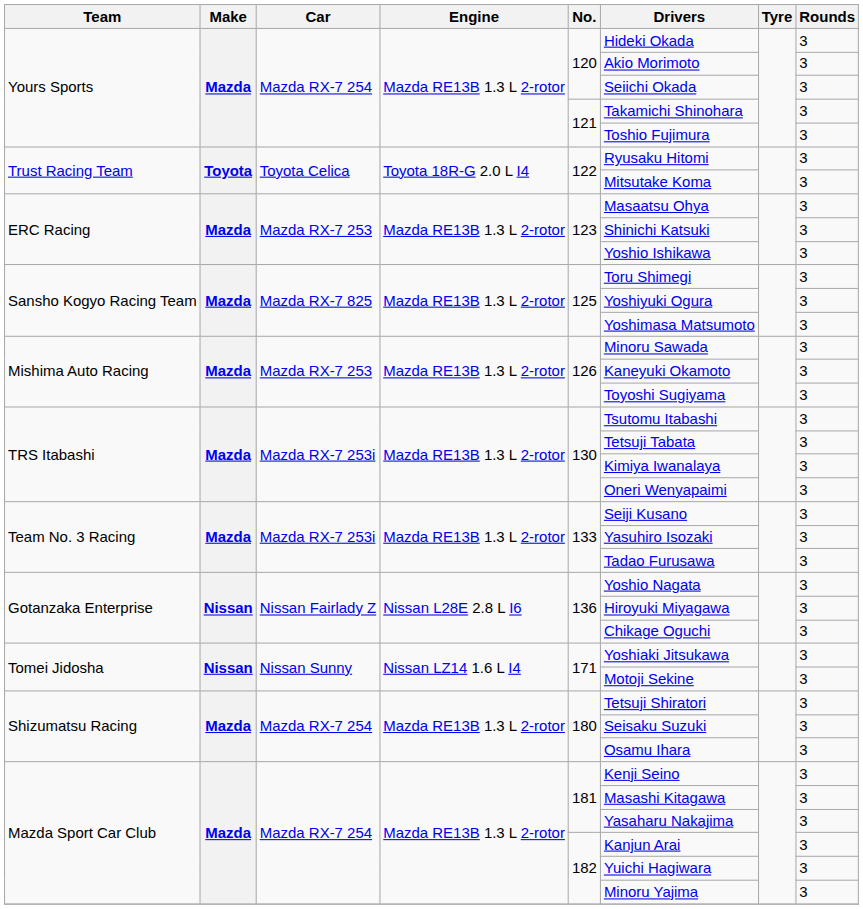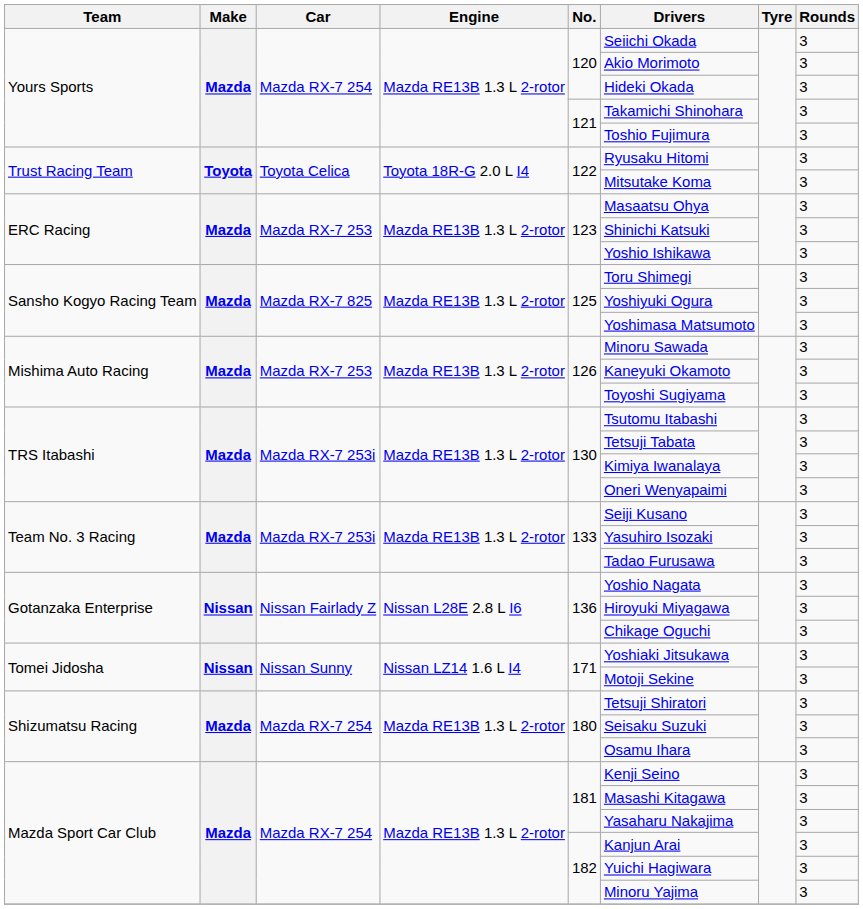 <table class="wikitable" style="font-size: 90%;">
 <tr>
 <th>Team</th>
 <th>Make</th>
 <th>Car</th>
 <th>Engine</th>
 <th>No.</th>
 <th>Drivers</th>
 <th>Tyre</th>
 <th>Rounds</th>
 </tr>
 <tr>
 <td rowspan=5>Yours Sports</td>
 <th rowspan=5><a href='#'>Mazda</a></th>
 <td rowspan=5><a href='#'>Mazda RX-7 254</a></td>
 <td rowspan=5><a href='#'>Mazda RE13B</a> 1.3 L <a href='#'>2-rotor</a></td>
 <td rowspan=3>120</td>
-<td> <a href='#'>Hideki Okada</a></td>
+<td> <a href='#'>Seiichi Okada</a></td>
 <td align=center rowspan=5></td>
 <td>3</td>
 </tr>
 <tr>
 <td> <a href='#'>Akio Morimoto</a></td>
 <td>3</td>
 </tr>
 <tr>
-<td> <a href='#'>Seiichi Okada</a></td>
+<td> <a href='#'>Hideki Okada</a></td>
 <td>3</td>
 </tr>
 <tr>
 <td rowspan=2>121</td>
 <td> <a href='#'>Takamichi Shinohara</a></td>
 <td>3</td>
 </tr>
 <tr>
 <td> <a href='#'>Toshio Fujimura</a></td>
 <td>3</td>
 </tr>
 <tr>
 <td rowspan=2><a href='#'>Trust Racing Team</a></td>
 <th rowspan=2><a href='#'>Toyota</a></th>
 <td rowspan=2><a href='#'>Toyota Celica</a></td>
 <td rowspan=2><a href='#'>Toyota 18R-G</a> 2.0 L <a href='#'>I4</a></td>
 <td rowspan=2>122</td>
 <td> <a href='#'>Ryusaku Hitomi</a></td>
 <td align=center rowspan=2></td>
 <td>3</td>
 </tr>
 <tr>
 <td> <a href='#'>Mitsutake Koma</a></td>
 <td>3</td>
 </tr>
 <tr>
 <td rowspan=3>ERC Racing</td>
 <th rowspan=3><a href='#'>Mazda</a></th>
 <td rowspan=3><a href='#'>Mazda RX-7 253</a></td>
 <td rowspan=3><a href='#'>Mazda RE13B</a> 1.3 L <a href='#'>2-rotor</a></td>
 <td rowspan=3>123</td>
 <td> <a href='#'>Masaatsu Ohya</a></td>
 <td align=center rowspan=3></td>
 <td>3</td>
 </tr>
 <tr>
 <td> <a href='#'>Shinichi Katsuki</a></td>
 <td>3</td>
 </tr>
 <tr>
 <td> <a href='#'>Yoshio Ishikawa</a></td>
 <td>3</td>
 </tr>
 <tr>
 <td rowspan=3>Sansho Kogyo Racing Team</td>
 <th rowspan=3><a href='#'>Mazda</a></th>
 <td rowspan=3><a href='#'>Mazda RX-7 825</a></td>
 <td rowspan=3><a href='#'>Mazda RE13B</a> 1.3 L <a href='#'>2-rotor</a></td>
 <td rowspan=3>125</td>
 <td> <a href='#'>Toru Shimegi</a></td>
 <td align=center rowspan=3></td>
 <td>3</td>
 </tr>
 <tr>
 <td> <a href='#'>Yoshiyuki Ogura</a></td>
 <td>3</td>
 </tr>
 <tr>
 <td> <a href='#'>Yoshimasa Matsumoto</a></td>
 <td>3</td>
 </tr>
 <tr>
 <td rowspan=3>Mishima Auto Racing</td>
 <th rowspan=3><a href='#'>Mazda</a></th>
 <td rowspan=3><a href='#'>Mazda RX-7 253</a></td>
 <td rowspan=3><a href='#'>Mazda RE13B</a> 1.3 L <a href='#'>2-rotor</a></td>
 <td rowspan=3>126</td>
 <td> <a href='#'>Minoru Sawada</a></td>
 <td align=center rowspan=3></td>
 <td>3</td>
 </tr>
 <tr>
 <td> <a href='#'>Kaneyuki Okamoto</a></td>
 <td>3</td>
 </tr>
 <tr>
 <td> <a href='#'>Toyoshi Sugiyama</a></td>
 <td>3</td>
 </tr>
 <tr>
 <td rowspan=4>TRS Itabashi</td>
 <th rowspan=4><a href='#'>Mazda</a></th>
 <td rowspan=4><a href='#'>Mazda RX-7 253i</a></td>
 <td rowspan=4><a href='#'>Mazda RE13B</a> 1.3 L <a href='#'>2-rotor</a></td>
 <td rowspan=4>130</td>
 <td> <a href='#'>Tsutomu Itabashi</a></td>
 <td align=center rowspan=4></td>
 <td>3</td>
 </tr>
 <tr>
 <td> <a href='#'>Tetsuji Tabata</a></td>
 <td>3</td>
 </tr>
 <tr>
 <td> <a href='#'>Kimiya Iwanalaya</a></td>
 <td>3</td>
 </tr>
 <tr>
 <td> <a href='#'>Oneri Wenyapaimi</a></td>
 <td>3</td>
 </tr>
 <tr>
 <td rowspan=3>Team No. 3 Racing</td>
 <th rowspan=3><a href='#'>Mazda</a></th>
 <td rowspan=3><a href='#'>Mazda RX-7 253i</a></td>
 <td rowspan=3><a href='#'>Mazda RE13B</a> 1.3 L <a href='#'>2-rotor</a></td>
 <td rowspan=3>133</td>
 <td> <a href='#'>Seiji Kusano</a></td>
 <td align=center rowspan=3></td>
 <td>3</td>
 </tr>
 <tr>
 <td> <a href='#'>Yasuhiro Isozaki</a></td>
 <td>3</td>
 </tr>
 <tr>
 <td> <a href='#'>Tadao Furusawa</a></td>
 <td>3</td>
 </tr>
 <tr>
 <td rowspan=3>Gotanzaka Enterprise</td>
 <th rowspan=3><a href='#'>Nissan</a></th>
 <td rowspan=3><a href='#'>Nissan Fairlady Z</a></td>
 <td rowspan=3><a href='#'>Nissan L28E</a> 2.8 L <a href='#'>I6</a></td>
 <td rowspan=3>136</td>
 <td> <a href='#'>Yoshio Nagata</a></td>
 <td align=center rowspan=3></td>
 <td>3</td>
 </tr>
 <tr>
 <td> <a href='#'>Hiroyuki Miyagawa</a></td>
 <td>3</td>
 </tr>
 <tr>
 <td> <a href='#'>Chikage Oguchi</a></td>
 <td>3</td>
 </tr>
 <tr>
 <td rowspan=2>Tomei Jidosha</td>
 <th rowspan=2><a href='#'>Nissan</a></th>
 <td rowspan=2><a href='#'>Nissan Sunny</a></td>
 <td rowspan=2><a href='#'>Nissan LZ14</a> 1.6 L <a href='#'>I4</a></td>
 <td rowspan=2>171</td>
 <td> <a href='#'>Yoshiaki Jitsukawa</a></td>
 <td align=center rowspan=2></td>
 <td>3</td>
 </tr>
 <tr>
 <td> <a href='#'>Motoji Sekine</a></td>
 <td>3</td>
 </tr>
 <tr>
 <td rowspan=3>Shizumatsu Racing</td>
 <th rowspan=3><a href='#'>Mazda</a></th>
 <td rowspan=3><a href='#'>Mazda RX-7 254</a></td>
 <td rowspan=3><a href='#'>Mazda RE13B</a> 1.3 L <a href='#'>2-rotor</a></td>
 <td rowspan=3>180</td>
 <td> <a href='#'>Tetsuji Shiratori</a></td>
 <td align=center rowspan=3></td>
 <td>3</td>
 </tr>
 <tr>
 <td> <a href='#'>Seisaku Suzuki</a></td>
 <td>3</td>
 </tr>
 <tr>
 <td> <a href='#'>Osamu Ihara</a></td>
 <td>3</td>
 </tr>
 <tr>
 <td rowspan=6>Mazda Sport Car Club</td>
 <th rowspan=6><a href='#'>Mazda</a></th>
 <td rowspan=6><a href='#'>Mazda RX-7 254</a></td>
 <td rowspan=6><a href='#'>Mazda RE13B</a> 1.3 L <a href='#'>2-rotor</a></td>
 <td rowspan=3>181</td>
 <td> <a href='#'>Kenji Seino</a></td>
 <td align=center rowspan=6></td>
 <td>3</td>
 </tr>
 <tr>
 <td> <a href='#'>Masashi Kitagawa</a></td>
 <td>3</td>
 </tr>
 <tr>
 <td> <a href='#'>Yasaharu Nakajima</a></td>
 <td>3</td>
 </tr>
 <tr>
 <td rowspan=3>182</td>
 <td> <a href='#'>Kanjun Arai</a></td>
 <td>3</td>
 </tr>
 <tr>
 <td> <a href='#'>Yuichi Hagiwara</a></td>
 <td>3</td>
 </tr>
 <tr>
 <td> <a href='#'>Minoru Yajima</a></td>
 <td>3</td>
 </tr>
 <tr>
 </tr>
 </table>
